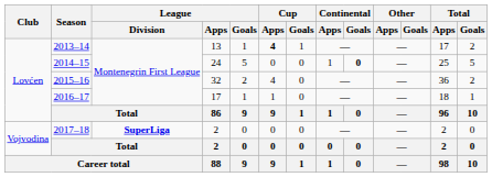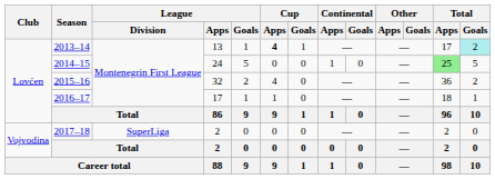 <table class="wikitable" style="text-align: center;font-size:90%">
 <tr>
 <th rowspan="2">Club</th>
 <th rowspan="2">Season</th>
 <th colspan="3">League</th>
 <th colspan="2">Cup</th>
 <th colspan="2">Continental</th>
 <th colspan="2">Other</th>
 <th colspan="2">Total</th>
 </tr>
 <tr>
 <th>Division</th>
 <th>Apps</th>
 <th>Goals</th>
 <th>Apps</th>
 <th>Goals</th>
 <th>Apps</th>
 <th>Goals</th>
 <th>Apps</th>
 <th>Goals</th>
 <th>Apps</th>
 <th>Goals</th>
 </tr>
 <tr>
 <td rowspan="5" valign="center"><a href='#'>Lovćen</a></td>
 <td><a href='#'>2013–14</a></td>
 <td rowspan=4><a href='#'>Montenegrin First League</a></td>
 <td>13</td>
 <td>1</td>
 <td><strong>4</strong></td>
 <td>1</td>
 <td colspan="2">—</td>
 <td colspan="2">—</td>
 <td>17</td>
-<td>2</td>
+<td style="background: paleturquoise;">2</td>
 </tr>
 <tr>
 <td><a href='#'>2014–15</a></td>
 <td>24</td>
 <td>5</td>
 <td>0</td>
 <td>0</td>
 <td>1</td>
-<td><strong>0</strong></td>
+<td>0</td>
 <td colspan="2">—</td>
-<td>25</td>
+<td style="background: lightgreen;">25</td>
 <td>5</td>
 </tr>
 <tr>
 <td><a href='#'>2015–16</a></td>
 <td>32</td>
 <td>2</td>
 <td>4</td>
 <td>0</td>
 <td colspan="2">—</td>
 <td colspan="2">—</td>
 <td>36</td>
 <td>2</td>
 </tr>
 <tr>
 <td><a href='#'>2016–17</a></td>
 <td>17</td>
 <td>1</td>
 <td>1</td>
 <td>0</td>
 <td colspan="2">—</td>
 <td colspan="2">—</td>
 <td>18</td>
 <td>1</td>
 </tr>
 <tr>
 <th colspan="2">Total</th>
 <th>86</th>
 <th>9</th>
 <th>9</th>
 <th>1</th>
 <th>1</th>
 <th>0</th>
 <th colspan="2">—</th>
 <th>96</th>
 <th>10</th>
 </tr>
 <tr>
 <td rowspan="2" valign="center"><a href='#'>Vojvodina</a></td>
 <td><a href='#'>2017–18</a></td>
-<td><strong><a href='#'>SuperLiga</a></strong></td>
+<td><a href='#'>SuperLiga</a></td>
 <td>2</td>
 <td>0</td>
 <td>0</td>
 <td>0</td>
 <td colspan="2">—</td>
 <td colspan="2">—</td>
 <td>2</td>
 <td>0</td>
 </tr>
 <tr>
 <th colspan="2">Total</th>
 <th>2</th>
 <th>0</th>
 <th>0</th>
 <th>0</th>
 <th>0</th>
 <th>0</th>
 <th colspan="2">—</th>
 <th>2</th>
 <th>0</th>
 </tr>
 <tr>
 <th colspan="3">Career total</th>
 <th>88</th>
 <th>9</th>
 <th>9</th>
 <th>1</th>
 <th>1</th>
 <th>0</th>
 <th colspan="2">—</th>
 <th>98</th>
 <th>10</th>
 </tr>
 </table>
